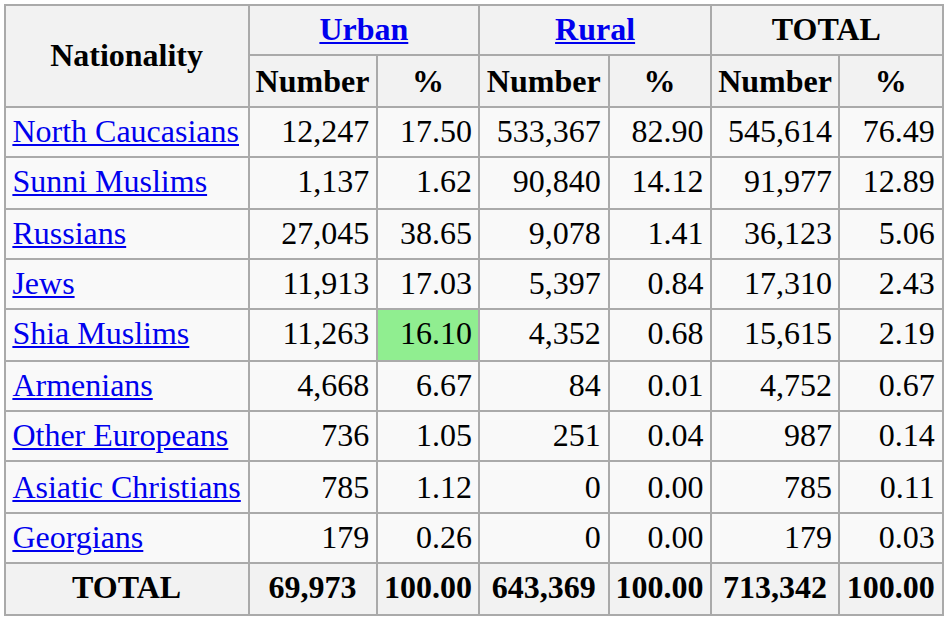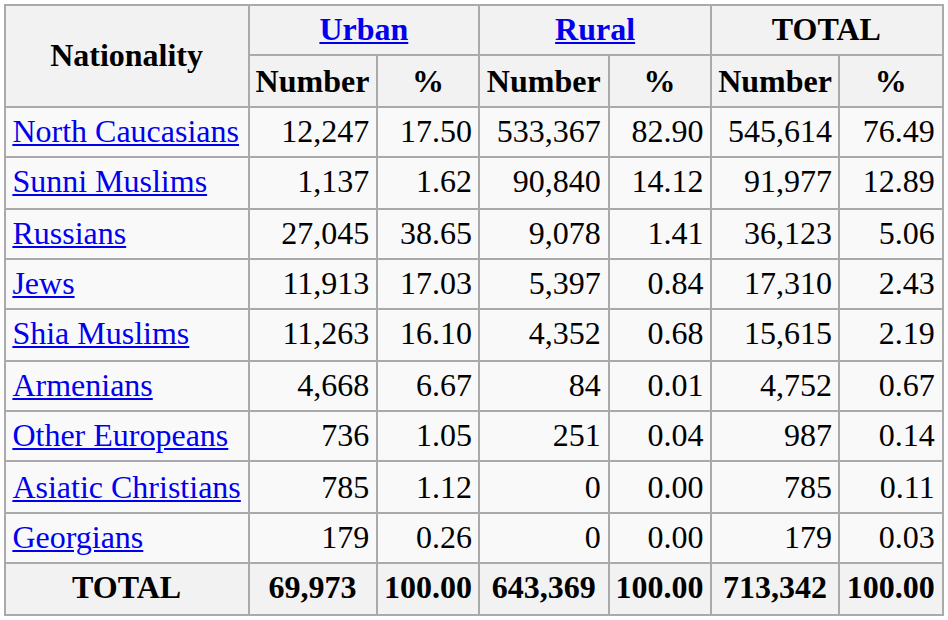 <table class="wikitable sortable">
 <tr>
 <th rowspan="2">Nationality</th>
 <th colspan="2"><a href='#'>Urban</a></th>
 <th colspan="2"><a href='#'>Rural</a></th>
 <th colspan="2">TOTAL</th>
 </tr>
 <tr>
 <th>Number</th>
 <th>%</th>
 <th>Number</th>
 <th>%</th>
 <th>Number</th>
 <th>%</th>
 </tr>
 <tr>
 <td><a href='#'>North Caucasians</a></td>
 <td align="right">12,247</td>
 <td align="right">17.50</td>
 <td align="right">533,367</td>
 <td align="right">82.90</td>
 <td align="right">545,614</td>
 <td align="right">76.49</td>
 </tr>
 <tr>
 <td><a href='#'>Sunni Muslims</a></td>
 <td align="right">1,137</td>
 <td align="right">1.62</td>
 <td align="right">90,840</td>
 <td align="right">14.12</td>
 <td align="right">91,977</td>
 <td align="right">12.89</td>
 </tr>
 <tr>
 <td><a href='#'>Russians</a></td>
 <td align="right">27,045</td>
 <td align="right">38.65</td>
 <td align="right">9,078</td>
 <td align="right">1.41</td>
 <td align="right">36,123</td>
 <td align="right">5.06</td>
 </tr>
 <tr>
 <td><a href='#'>Jews</a></td>
 <td align="right">11,913</td>
 <td align="right">17.03</td>
 <td align="right">5,397</td>
 <td align="right">0.84</td>
 <td align="right">17,310</td>
 <td align="right">2.43</td>
 </tr>
 <tr>
 <td><a href='#'>Shia Muslims</a></td>
 <td align="right">11,263</td>
-<td align="right" style="background: lightgreen;">16.10</td>
+<td align="right">16.10</td>
 <td align="right">4,352</td>
 <td align="right">0.68</td>
 <td align="right">15,615</td>
 <td align="right">2.19</td>
 </tr>
 <tr>
 <td><a href='#'>Armenians</a></td>
 <td align="right">4,668</td>
 <td align="right">6.67</td>
 <td align="right">84</td>
 <td align="right">0.01</td>
 <td align="right">4,752</td>
 <td align="right">0.67</td>
 </tr>
 <tr>
 <td><a href='#'>Other Europeans</a></td>
 <td align="right">736</td>
 <td align="right">1.05</td>
 <td align="right">251</td>
 <td align="right">0.04</td>
 <td align="right">987</td>
 <td align="right">0.14</td>
 </tr>
 <tr>
 <td><a href='#'>Asiatic Christians</a></td>
 <td align="right">785</td>
 <td align="right">1.12</td>
 <td align="right">0</td>
 <td align="right">0.00</td>
 <td align="right">785</td>
 <td align="right">0.11</td>
 </tr>
 <tr>
 <td><a href='#'>Georgians</a></td>
 <td align="right">179</td>
 <td align="right">0.26</td>
 <td align="right">0</td>
 <td align="right">0.00</td>
 <td align="right">179</td>
 <td align="right">0.03</td>
 </tr>
 <tr>
 <th>TOTAL</th>
 <th>69,973</th>
 <th>100.00</th>
 <th>643,369</th>
 <th>100.00</th>
 <th>713,342</th>
 <th>100.00</th>
 </tr>
 </table>
